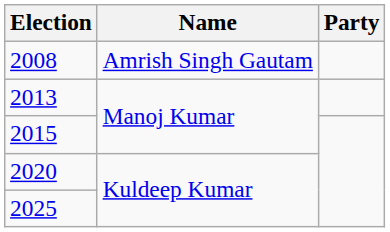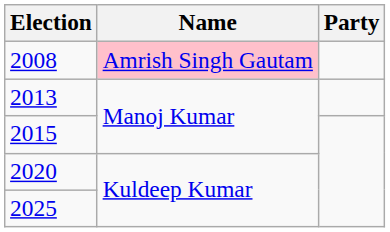 <table class="wikitable sortable">
 <tr>
 <th>Election</th>
 <th>Name</th>
 <th colspan=2>Party</th>
 </tr>
 <tr>
 <td><a href='#'>2008</a></td>
-<td><a href='#'>Amrish Singh Gautam</a></td>
+<td style="background: pink;"><a href='#'>Amrish Singh Gautam</a></td>
 <td></td>
 </tr>
 <tr>
 <td><a href='#'>2013</a></td>
 <td rowspan="2"><a href='#'>Manoj Kumar</a></td>
 <td></td>
 </tr>
 <tr>
 <td><a href='#'>2015</a></td>
 </tr>
 <tr>
 <td><a href='#'>2020</a></td>
 <td rowspan="2"><a href='#'>Kuldeep Kumar</a></td>
 </tr>
 <tr>
 <td><a href='#'>2025</a></td>
 </tr>
 </table>
